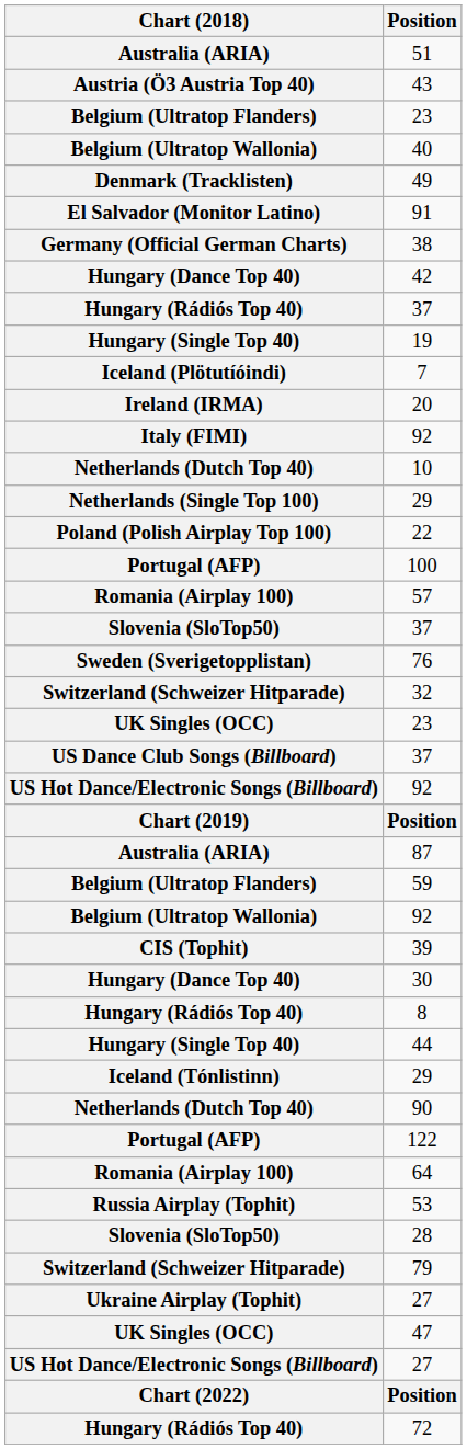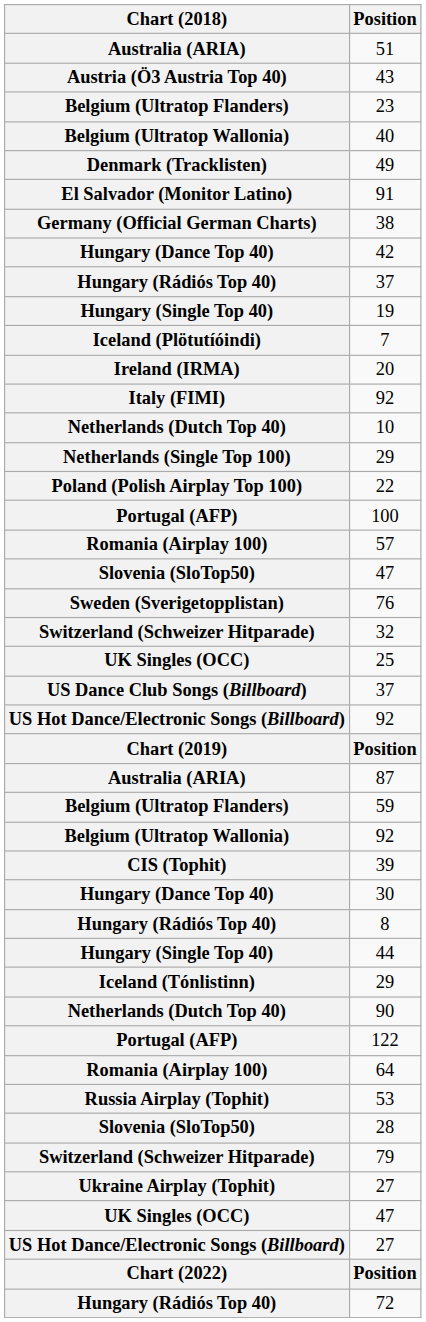 <table class="wikitable sortable plainrowheaders" style="text-align:center">
 <tr>
 <th scope="col">Chart (2018)</th>
 <th scope="col">Position</th>
 </tr>
 <tr>
 <th scope="row">Australia (ARIA)</th>
 <td>51</td>
 </tr>
 <tr>
 <th scope="row">Austria (Ö3 Austria Top 40)</th>
 <td>43</td>
 </tr>
 <tr>
 <th scope="row">Belgium (Ultratop Flanders)</th>
 <td>23</td>
 </tr>
 <tr>
 <th scope="row">Belgium (Ultratop Wallonia)</th>
 <td>40</td>
 </tr>
 <tr>
 <th scope="row">Denmark (Tracklisten)</th>
 <td>49</td>
 </tr>
 <tr>
 <th scope="row">El Salvador (Monitor Latino)</th>
 <td>91</td>
 </tr>
 <tr>
 <th scope="row">Germany (Official German Charts)</th>
 <td>38</td>
 </tr>
 <tr>
 <th scope="row">Hungary (Dance Top 40)</th>
 <td>42</td>
 </tr>
 <tr>
 <th scope="row">Hungary (Rádiós Top 40)</th>
 <td>37</td>
 </tr>
 <tr>
 <th scope="row">Hungary (Single Top 40)</th>
 <td>19</td>
 </tr>
 <tr>
 <th scope="row">Iceland (Plötutíóindi)</th>
 <td>7</td>
 </tr>
 <tr>
 <th scope="row">Ireland (IRMA)</th>
 <td>20</td>
 </tr>
 <tr>
 <th scope="row">Italy (FIMI)</th>
 <td>92</td>
 </tr>
 <tr>
 <th scope="row">Netherlands (Dutch Top 40)</th>
 <td>10</td>
 </tr>
 <tr>
 <th scope="row">Netherlands (Single Top 100)</th>
 <td>29</td>
 </tr>
 <tr>
 <th scope="row">Poland (Polish Airplay Top 100)</th>
 <td>22</td>
 </tr>
 <tr>
 <th scope="row">Portugal (AFP)</th>
 <td>100</td>
 </tr>
 <tr>
 <th scope="row">Romania (Airplay 100)</th>
 <td>57</td>
 </tr>
 <tr>
 <th scope="row">Slovenia (SloTop50)</th>
-<td>37</td>
+<td>47</td>
 </tr>
 <tr>
 <th scope="row">Sweden (Sverigetopplistan)</th>
 <td>76</td>
 </tr>
 <tr>
 <th scope="row">Switzerland (Schweizer Hitparade)</th>
 <td>32</td>
 </tr>
 <tr>
 <th scope="row">UK Singles (OCC)</th>
-<td>23</td>
+<td>25</td>
 </tr>
 <tr>
 <th scope="row">US Dance Club Songs (<em>Billboard</em>)</th>
 <td>37</td>
 </tr>
 <tr>
 <th scope="row">US Hot Dance/Electronic Songs (<em>Billboard</em>)</th>
 <td>92</td>
 </tr>
 <tr>
 <th scope="col">Chart (2019)</th>
 <th scope="col">Position</th>
 </tr>
 <tr>
 <th scope="row">Australia (ARIA)</th>
 <td>87</td>
 </tr>
 <tr>
 <th scope="row">Belgium (Ultratop Flanders)</th>
 <td>59</td>
 </tr>
 <tr>
 <th scope="row">Belgium (Ultratop Wallonia)</th>
 <td>92</td>
 </tr>
 <tr>
 <th scope="row">CIS (Tophit)</th>
 <td>39</td>
 </tr>
 <tr>
 <th scope="row">Hungary (Dance Top 40)</th>
 <td>30</td>
 </tr>
 <tr>
 <th scope="row">Hungary (Rádiós Top 40)</th>
 <td>8</td>
 </tr>
 <tr>
 <th scope="row">Hungary (Single Top 40)</th>
 <td>44</td>
 </tr>
 <tr>
 <th scope="row">Iceland (Tónlistinn)</th>
 <td>29</td>
 </tr>
 <tr>
 <th scope="row">Netherlands (Dutch Top 40)</th>
 <td>90</td>
 </tr>
 <tr>
 <th scope="row">Portugal (AFP)</th>
 <td>122</td>
 </tr>
 <tr>
 <th scope="row">Romania (Airplay 100)</th>
 <td>64</td>
 </tr>
 <tr>
 <th scope="row">Russia Airplay (Tophit)</th>
 <td>53</td>
 </tr>
 <tr>
 <th scope="row">Slovenia (SloTop50)</th>
 <td>28</td>
 </tr>
 <tr>
 <th scope="row">Switzerland (Schweizer Hitparade)</th>
 <td>79</td>
 </tr>
 <tr>
 <th scope="row">Ukraine Airplay (Tophit)</th>
 <td>27</td>
 </tr>
 <tr>
 <th scope="row">UK Singles (OCC)</th>
 <td>47</td>
 </tr>
 <tr>
 <th scope="row">US Hot Dance/Electronic Songs (<em>Billboard</em>)</th>
 <td>27</td>
 </tr>
 <tr>
 <th scope="col">Chart (2022)</th>
 <th scope="col">Position</th>
 </tr>
 <tr>
 <th scope="row">Hungary (Rádiós Top 40)</th>
 <td>72</td>
 </tr>
 <tr>
 </tr>
 </table>
